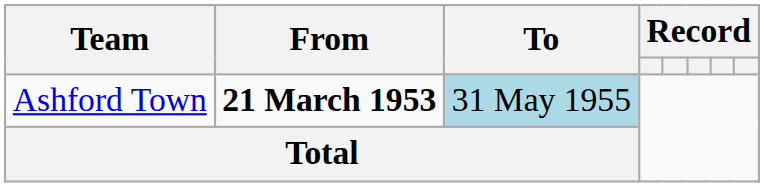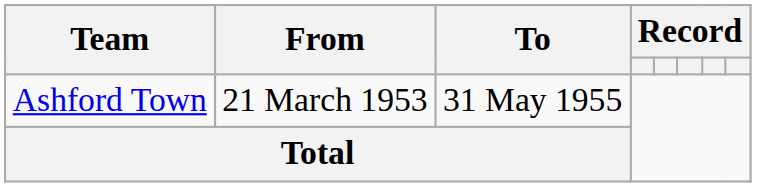 <table class="wikitable" style="text-align: center;">
 <tr>
 <th rowspan="2">Team</th>
 <th rowspan="2">From</th>
 <th rowspan="2">To</th>
 <th colspan="5">Record</th>
 </tr>
 <tr>
 <th></th>
 <th></th>
 <th></th>
 <th></th>
 <th></th>
 </tr>
 <tr>
 <td align="left"><a href='#'>Ashford Town</a></td>
-<td align="left"><strong>21 March 1953</strong></td>
-<td align="left" style="background: lightblue;">31 May 1955<br></td>
+<td align="left">21 March 1953</td>
+<td align="left">31 May 1955<br></td>
 </tr>
 <tr>
 <th colspan=3>Total<br></th>
 </tr>
 </table>
